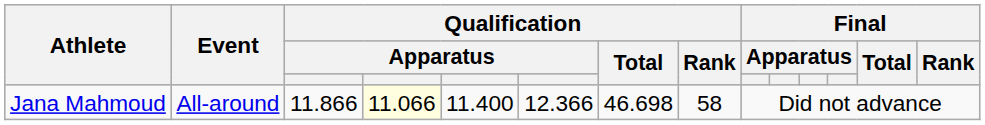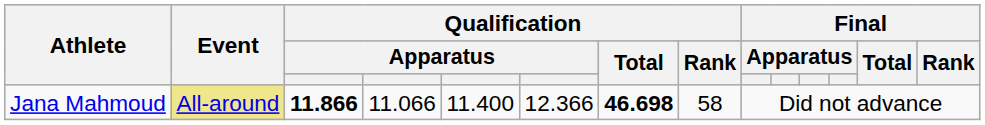 <table class="wikitable" style="font-size:90%">
 <tr>
 <th rowspan=3>Athlete</th>
 <th rowspan=3>Event</th>
 <th colspan=6>Qualification</th>
 <th colspan=6>Final</th>
 </tr>
 <tr style=font-size:95%>
 <th colspan=4>Apparatus</th>
 <th rowspan=2>Total</th>
 <th rowspan=2>Rank</th>
 <th colspan=4>Apparatus</th>
 <th rowspan=2>Total</th>
 <th rowspan=2>Rank</th>
 </tr>
 <tr style=font-size:95%>
 <th></th>
 <th></th>
 <th></th>
 <th></th>
 <th></th>
 <th></th>
 <th></th>
 <th></th>
 </tr>
 <tr align=center>
 <td align=left><a href='#'>Jana Mahmoud</a></td>
-<td align=left><a href='#'>All-around</a></td>
-<td>11.866</td>
-<td style="background: lightyellow;">11.066</td>
+<td align=left style="background: khaki;"><a href='#'>All-around</a></td>
+<td><strong>11.866</strong></td>
+<td>11.066</td>
 <td>11.400</td>
 <td>12.366</td>
-<td>46.698</td>
+<td><strong>46.698</strong></td>
 <td>58</td>
 <td colspan="6">Did not advance</td>
 </tr>
 </table>
